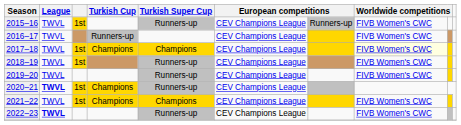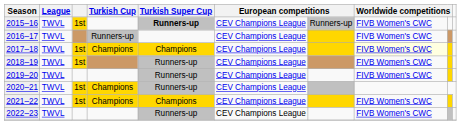 <table class="wikitable" style="font-size:85%; text-align:left">
 <tr>
 <th>Season</th>
 <th><a href='#'>League</a></th>
 <th></th>
 <th><a href='#'>Turkish Cup</a></th>
 <th><a href='#'>Turkish Super Cup</a></th>
 <th colspan=2>European competitions</th>
 <th colspan=2>Worldwide competitions</th>
 </tr>
 <tr>
 <td bgcolor=#efefef><a href='#'>2015–16</a></td>
 <td align=left><a href='#'>TWVL</a></td>
 <td bgcolor=gold align=center>1st</td>
 <td></td>
-<td bgcolor=silver align=center>Runners-up</td>
+<td bgcolor=silver align=center><strong>Runners-up</strong></td>
 <td><a href='#'>CEV Champions League</a></td>
 <td bgcolor=silver align=center>Runners-up</td>
 <td><a href='#'>FIVB Women's CWC</a></td>
 <td></td>
 <td></td>
 </tr>
 <tr>
 <td bgcolor=#efefef><a href='#'>2016–17</a></td>
 <td align=left><a href='#'>TWVL</a></td>
 <td bgcolor=#cc9966 align=center></td>
 <td bgcolor=silver align=center>Runners-up</td>
 <td></td>
 <td><a href='#'>CEV Champions League</a></td>
 <td bgcolor=gold align=center></td>
 <td><a href='#'>FIVB Women's CWC</a></td>
 <td bgcolor=#cc9966 align=center></td>
 <td></td>
 </tr>
 <tr>
 <td bgcolor=#efefef><a href='#'>2017–18</a></td>
 <td align=left><a href='#'>TWVL</a></td>
 <td bgcolor=gold align=center>1st</td>
 <td bgcolor=gold align=center>Champions</td>
 <td bgcolor=gold align=center>Champions</td>
 <td><a href='#'>CEV Champions League</a></td>
 <td bgcolor=gold align=center></td>
 <td style="background: lightyellow;"><a href='#'>FIVB Women's CWC</a></td>
 <td bgcolor=gold align=center></td>
 <td></td>
 </tr>
 <tr>
 <td bgcolor=#efefef><a href='#'>2018–19</a></td>
 <td align=left><a href='#'>TWVL</a></td>
 <td bgcolor=gold align=center>1st</td>
 <td bgcolor=#cc9966 align=center></td>
 <td bgcolor=silver align=center>Runners-up</td>
 <td><a href='#'>CEV Champions League</a></td>
 <td bgcolor=#cc9966 align=center></td>
 <td><a href='#'>FIVB Women's CWC</a></td>
 <td bgcolor=gold align=center></td>
 <td></td>
 </tr>
 <tr>
 <td bgcolor=#efefef><a href='#'>2019–20</a></td>
 <td align=left><a href='#'>TWVL</a></td>
 <td></td>
 <td></td>
 <td bgcolor=silver align=center>Runners-up</td>
 <td><a href='#'>CEV Champions League</a></td>
 <td></td>
 <td><a href='#'>FIVB Women's CWC</a></td>
 <td bgcolor=gold align=center></td>
 <td></td>
 </tr>
 <tr>
 <td bgcolor=#efefef><a href='#'>2020–21</a></td>
-<td align=left><strong><a href='#'>TWVL</a></strong></td>
+<td align=left><a href='#'>TWVL</a></td>
 <td bgcolor=gold align=center>1st</td>
 <td bgcolor=gold align=center>Champions</td>
 <td bgcolor=silver align=center>Runners-up</td>
 <td><a href='#'>CEV Champions League</a></td>
 <td bgcolor=silver align=center></td>
 <td></td>
 </tr>
 <tr>
 <td bgcolor=#efefef><a href='#'>2021–22</a></td>
 <td align=left><a href='#'>TWVL</a></td>
 <td bgcolor=gold align=center>1st</td>
 <td bgcolor=gold align=center>Champions</td>
 <td bgcolor=gold align=center>Champions</td>
 <td><a href='#'>CEV Champions League</a></td>
 <td bgcolor=gold align=center></td>
 <td><a href='#'>FIVB Women's CWC</a></td>
 <td bgcolor=gold align=center></td>
 </tr>
 <tr>
 <td bgcolor=#efefef><a href='#'>2022–23</a></td>
-<td align=left><strong><a href='#'>TWVL</a></strong></td>
+<td align=left><a href='#'>TWVL</a></td>
 <td></td>
 <td></td>
 <td bgcolor=silver align=center>Runners-up</td>
 <td>CEV Champions League</td>
 <td></td>
 <td><a href='#'>FIVB Women's CWC</a></td>
 <td bgcolor=silver align=center></td>
 <td></td>
 </tr>
 <tr>
 </tr>
 </table>
